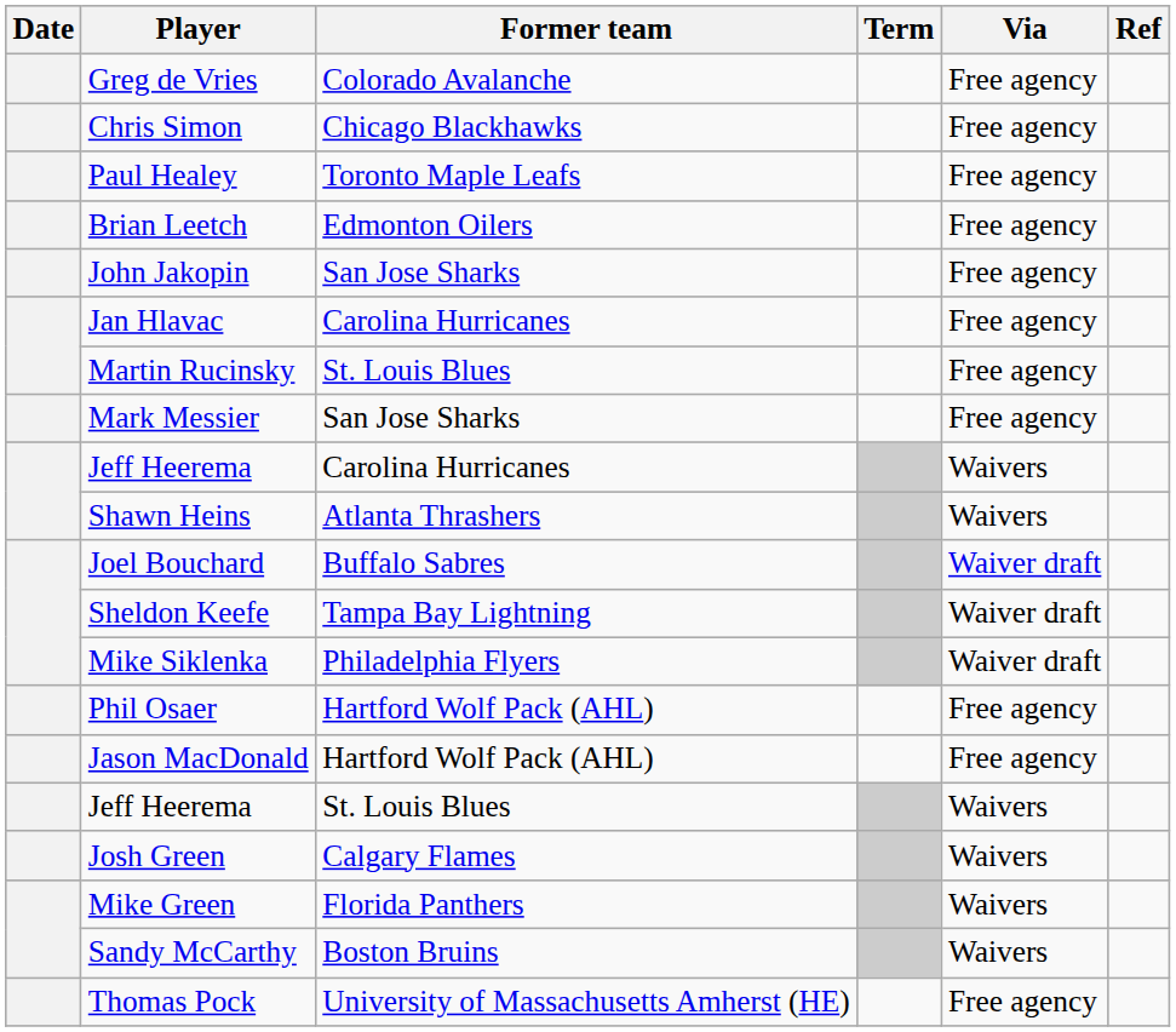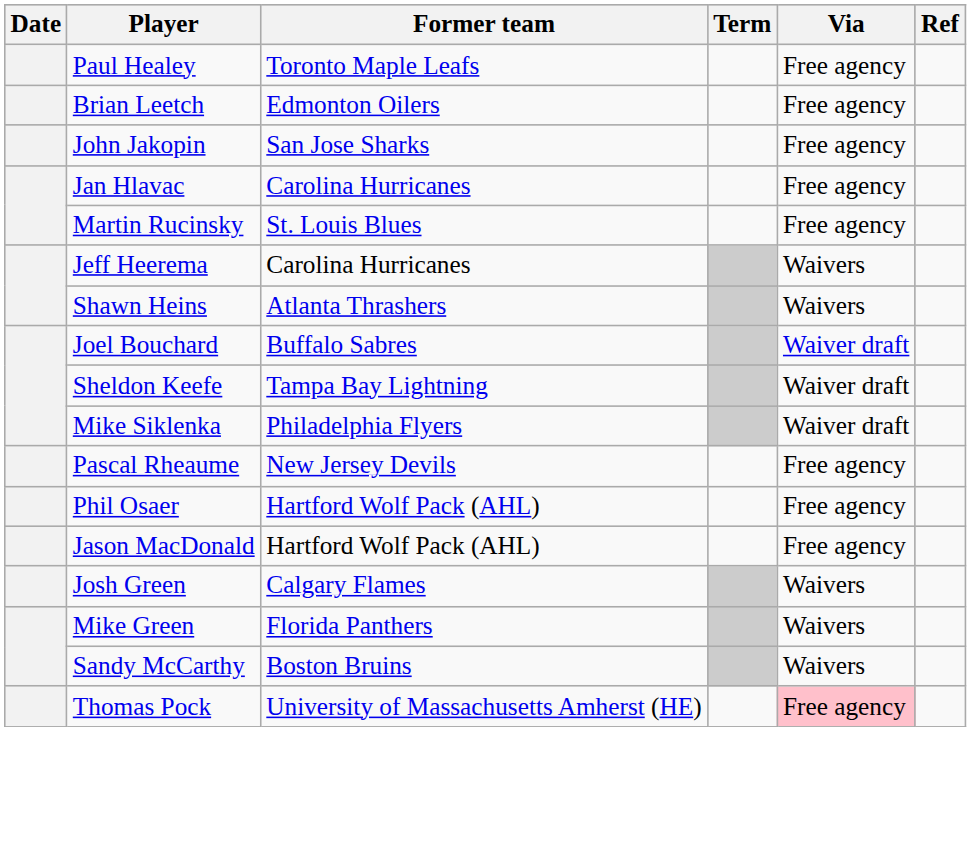 <table class="wikitable plainrowheaders">
 <tr style="background:#ddd; text-align:center;">
 <th>Date</th>
 <th>Player</th>
 <th>Former team</th>
 <th>Term</th>
 <th>Via</th>
 <th>Ref</th>
-</tr>
-<tr>
-<th scope="row"></th>
-<td><a href='#'>Greg de Vries</a></td>
-<td><a href='#'>Colorado Avalanche</a></td>
-<td></td>
-<td>Free agency</td>
-<td></td>
-</tr>
-<tr>
-<th scope="row"></th>
-<td><a href='#'>Chris Simon</a></td>
-<td><a href='#'>Chicago Blackhawks</a></td>
-<td></td>
-<td>Free agency</td>
-<td></td>
 </tr>
 <tr>
 <th scope="row"></th>
 <td><a href='#'>Paul Healey</a></td>
 <td><a href='#'>Toronto Maple Leafs</a></td>
 <td></td>
 <td>Free agency</td>
 <td></td>
 </tr>
 <tr>
 <th scope="row"></th>
 <td><a href='#'>Brian Leetch</a></td>
 <td><a href='#'>Edmonton Oilers</a></td>
 <td></td>
 <td>Free agency</td>
 <td></td>
 </tr>
 <tr>
 <th scope="row"></th>
 <td><a href='#'>John Jakopin</a></td>
 <td><a href='#'>San Jose Sharks</a></td>
 <td></td>
 <td>Free agency</td>
 <td></td>
 </tr>
 <tr>
 <th scope="row" rowspan=2></th>
 <td><a href='#'>Jan Hlavac</a></td>
 <td><a href='#'>Carolina Hurricanes</a></td>
 <td></td>
 <td>Free agency</td>
 <td></td>
 </tr>
 <tr>
 <td><a href='#'>Martin Rucinsky</a></td>
 <td><a href='#'>St. Louis Blues</a></td>
-<td></td>
-<td>Free agency</td>
-<td></td>
-</tr>
-<tr>
-<th scope="row"></th>
-<td><a href='#'>Mark Messier</a></td>
-<td>San Jose Sharks</td>
 <td></td>
 <td>Free agency</td>
 <td></td>
 </tr>
 <tr>
 <th scope="row" rowspan=2></th>
 <td><a href='#'>Jeff Heerema</a></td>
 <td>Carolina Hurricanes</td>
 <td style="background:#ccc"></td>
 <td>Waivers</td>
 <td></td>
 </tr>
 <tr>
 <td><a href='#'>Shawn Heins</a></td>
 <td><a href='#'>Atlanta Thrashers</a></td>
 <td style="background:#ccc"></td>
 <td>Waivers</td>
 <td></td>
 </tr>
 <tr>
 <th scope="row" rowspan=3></th>
 <td><a href='#'>Joel Bouchard</a></td>
 <td><a href='#'>Buffalo Sabres</a></td>
 <td style="background:#ccc"></td>
 <td><a href='#'>Waiver draft</a></td>
 <td></td>
 </tr>
 <tr>
 <td><a href='#'>Sheldon Keefe</a></td>
 <td><a href='#'>Tampa Bay Lightning</a></td>
 <td style="background:#ccc"></td>
 <td>Waiver draft</td>
 <td></td>
 </tr>
 <tr>
 <td><a href='#'>Mike Siklenka</a></td>
 <td><a href='#'>Philadelphia Flyers</a></td>
 <td style="background:#ccc"></td>
 <td>Waiver draft</td>
 <td></td>
 </tr>
 <tr>
 <th scope="row"></th>
+<td><a href='#'>Pascal Rheaume</a></td>
+<td><a href='#'>New Jersey Devils</a></td>
+<td></td>
+<td>Free agency</td>
+<td></td>
+</tr>
+<tr>
+<th scope="row"></th>
 <td><a href='#'>Phil Osaer</a></td>
 <td><a href='#'>Hartford Wolf Pack</a> (<a href='#'>AHL</a>)</td>
 <td></td>
 <td>Free agency</td>
 <td></td>
 </tr>
 <tr>
 <th scope="row"></th>
 <td><a href='#'>Jason MacDonald</a></td>
 <td>Hartford Wolf Pack (AHL)</td>
 <td></td>
 <td>Free agency</td>
-<td></td>
-</tr>
-<tr>
-<th scope="row"></th>
-<td>Jeff Heerema</td>
-<td>St. Louis Blues</td>
-<td style="background:#ccc"></td>
-<td>Waivers</td>
 <td></td>
 </tr>
 <tr>
 <th scope="row"></th>
 <td><a href='#'>Josh Green</a></td>
 <td><a href='#'>Calgary Flames</a></td>
 <td style="background:#ccc"></td>
 <td>Waivers</td>
 <td></td>
 </tr>
 <tr>
 <th scope="row" rowspan=2></th>
 <td><a href='#'>Mike Green</a></td>
 <td><a href='#'>Florida Panthers</a></td>
 <td style="background:#ccc"></td>
 <td>Waivers</td>
 <td></td>
 </tr>
 <tr>
 <td><a href='#'>Sandy McCarthy</a></td>
 <td><a href='#'>Boston Bruins</a></td>
 <td style="background:#ccc"></td>
 <td>Waivers</td>
 <td></td>
 </tr>
 <tr>
 <th scope="row"></th>
 <td><a href='#'>Thomas Pock</a></td>
 <td><a href='#'>University of Massachusetts Amherst</a> (<a href='#'>HE</a>)</td>
 <td></td>
-<td>Free agency</td>
+<td style="background: pink;">Free agency</td>
 <td></td>
 </tr>
 </table>
